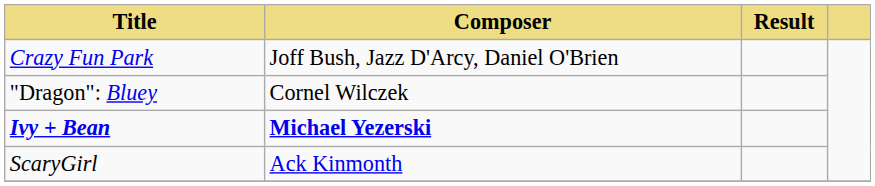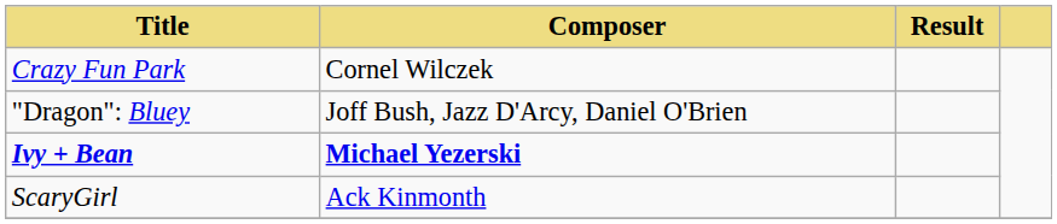 <table class="wikitable" width=100%>
 <tr>
 <th style="width:30%;background:#EEDD82;">Title</th>
 <th style="width:55%;background:#EEDD82;">Composer</th>
 <th style="width:10%;background:#EEDD82;">Result</th>
 <th style="width:5%;background:#EEDD82;"></th>
 </tr>
 <tr>
 <td><em><a href='#'>Crazy Fun Park</a></em></td>
-<td>Joff Bush, Jazz D'Arcy, Daniel O'Brien</td>
+<td>Cornel Wilczek</td>
 <td></td>
 <td rowspan="4"><br></td>
 </tr>
 <tr>
 <td>"Dragon": <em><a href='#'>Bluey</a></em></td>
-<td>Cornel Wilczek</td>
+<td>Joff Bush, Jazz D'Arcy, Daniel O'Brien</td>
 <td></td>
 </tr>
 <tr>
 <td><strong><em><a href='#'>Ivy + Bean</a></em></strong></td>
 <td><strong><a href='#'>Michael Yezerski</a></strong></td>
 <td></td>
 </tr>
 <tr>
 <td><em>ScaryGirl</em></td>
 <td><a href='#'>Ack Kinmonth</a></td>
 <td></td>
 </tr>
 <tr>
 </tr>
 </table>
